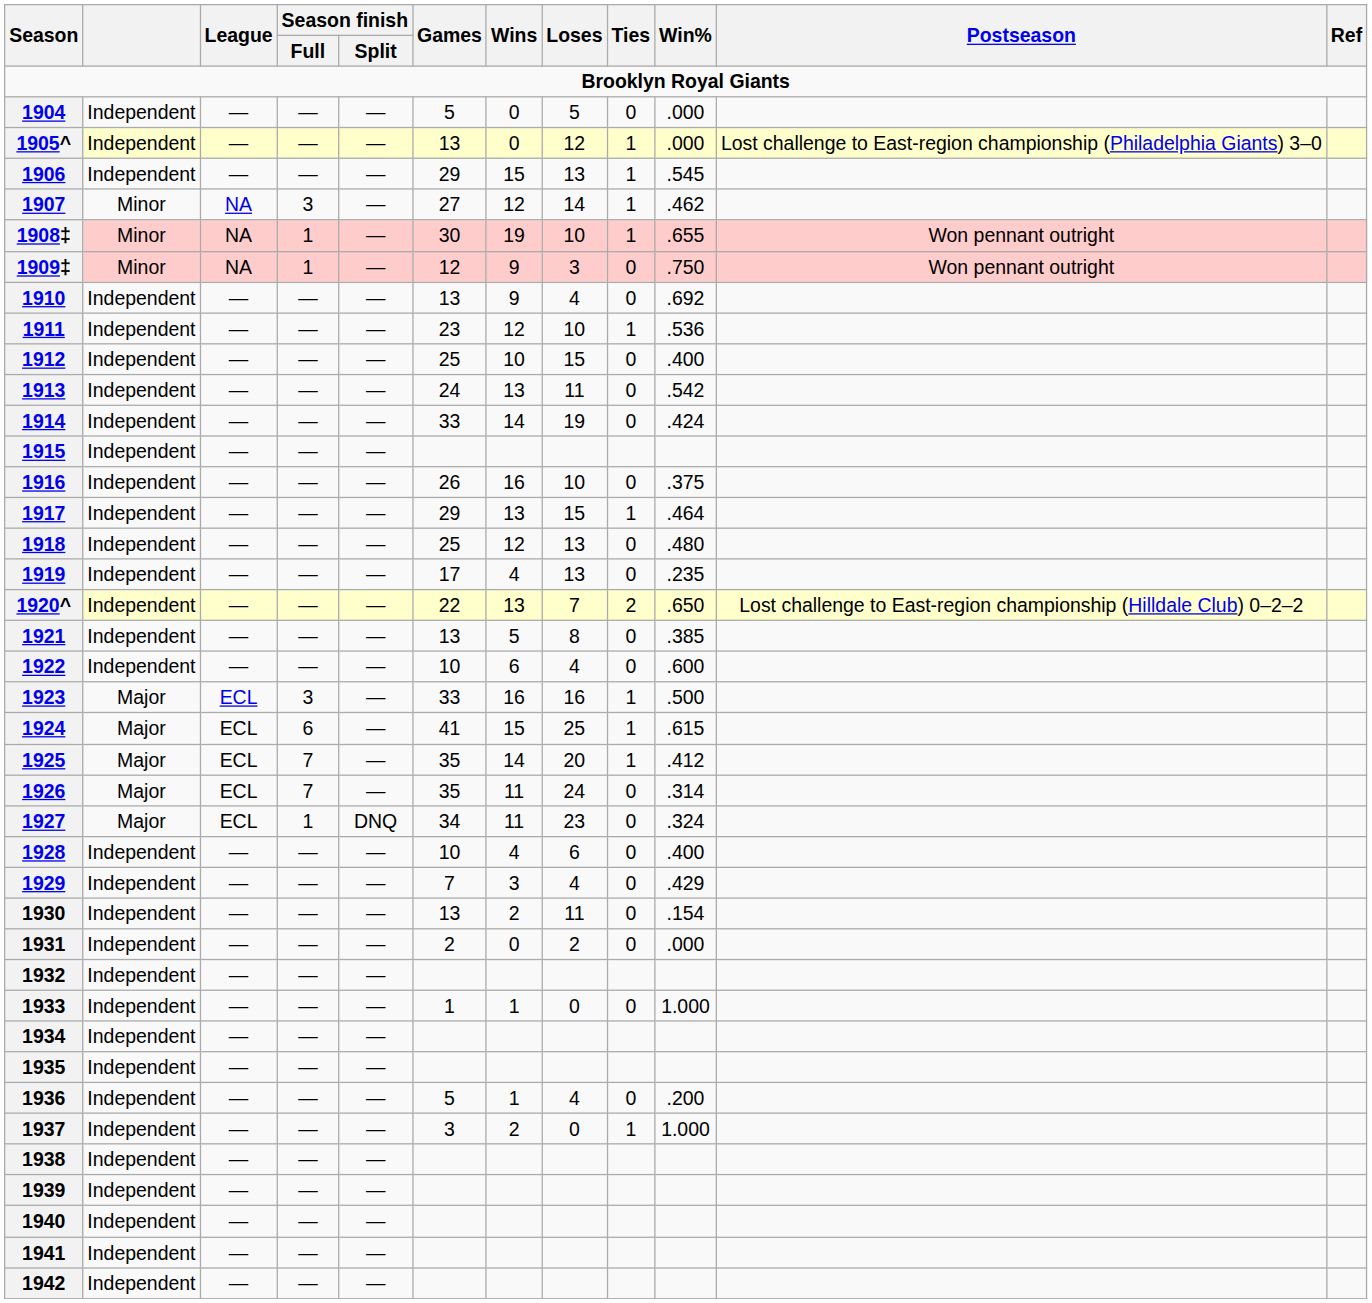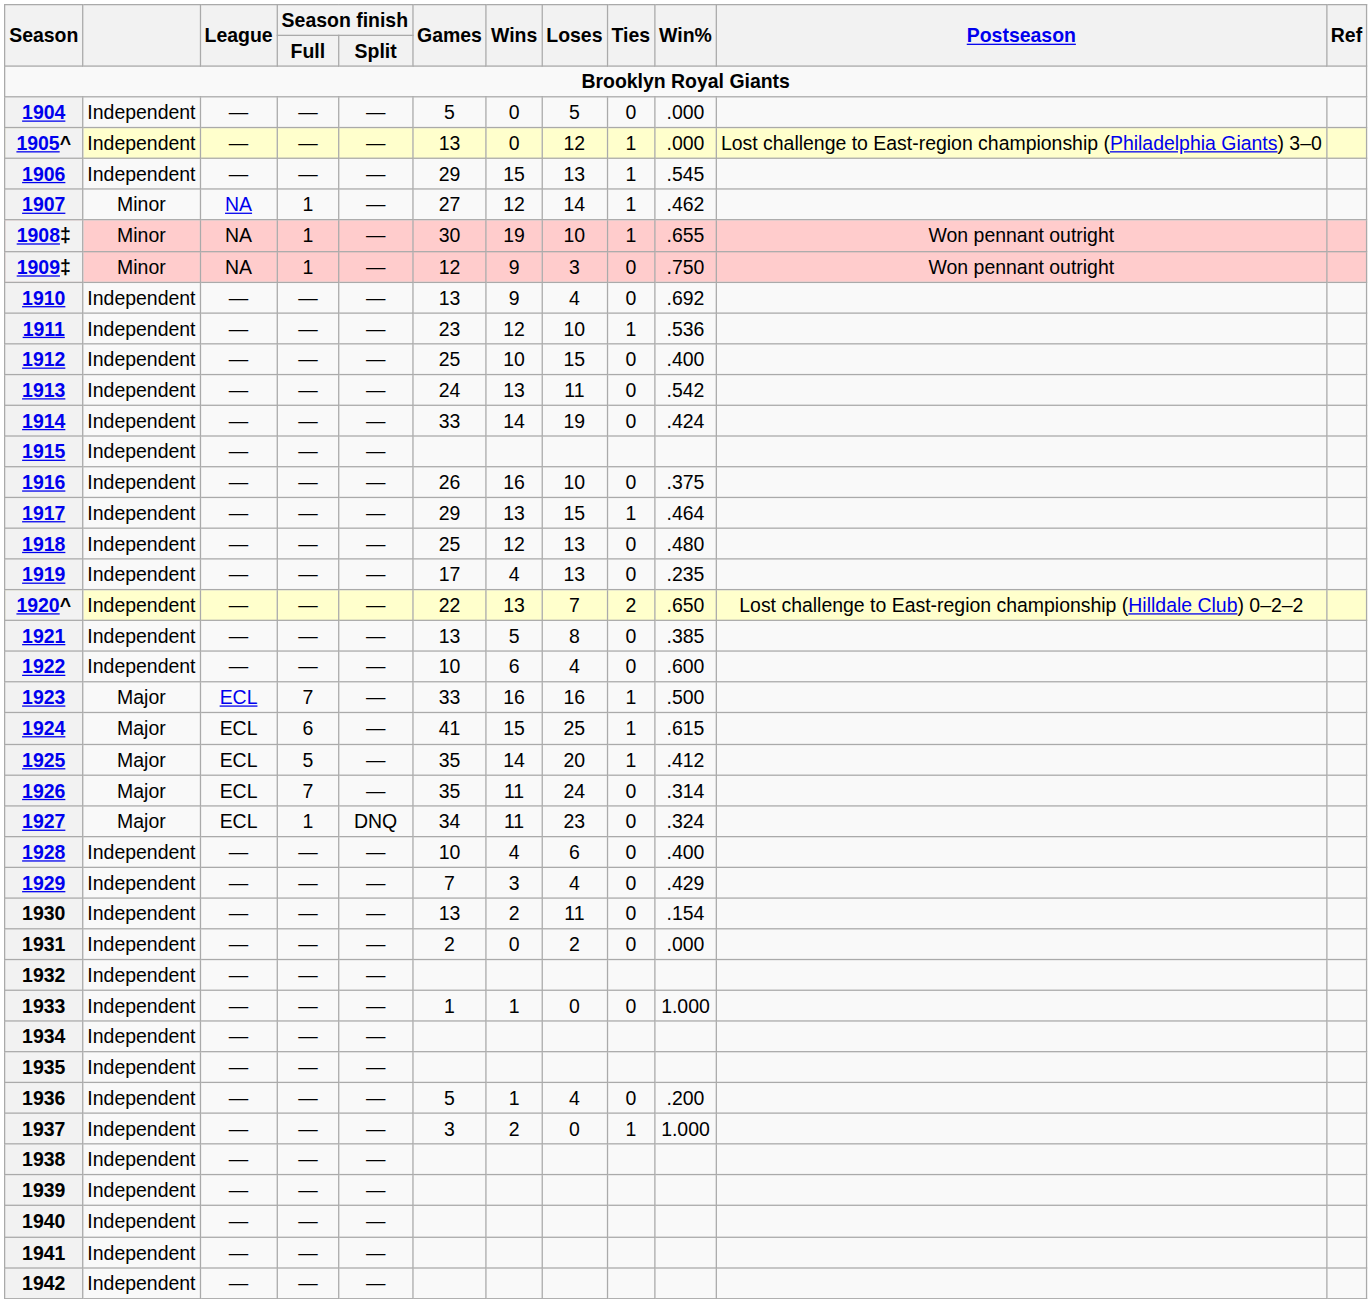 <table class="wikitable sortable" style="text-align:center; font-size:95%">
 <tr>
 <th rowspan="2">Season</th>
 <th rowspan="2"></th>
 <th rowspan="2">League</th>
 <th colspan="2">Season finish</th>
 <th rowspan="2">Games</th>
 <th rowspan="2">Wins</th>
 <th rowspan="2">Loses</th>
 <th rowspan="2">Ties</th>
 <th rowspan="2">Win%</th>
 <th rowspan="2"><a href='#'>Postseason</a></th>
 <th rowspan="2">Ref</th>
 </tr>
 <tr>
 <th>Full</th>
 <th>Split</th>
 </tr>
 <tr>
 <td align="center" colspan="12"><strong>Brooklyn Royal Giants</strong></td>
 </tr>
 <tr>
 <th><a href='#'>1904</a></th>
 <td>Independent</td>
 <td>—</td>
 <td>—</td>
 <td>—</td>
 <td>5</td>
 <td>0</td>
 <td>5</td>
 <td>0</td>
 <td>.000</td>
 <td></td>
 <td></td>
 </tr>
 <tr bgcolor="#FFFFCC">
 <th><a href='#'>1905</a>^</th>
 <td>Independent</td>
 <td>—</td>
 <td>—</td>
 <td>—</td>
 <td>13</td>
 <td>0</td>
 <td>12</td>
 <td>1</td>
 <td>.000</td>
 <td>Lost challenge to East-region championship (<a href='#'>Philadelphia Giants</a>) 3–0</td>
 <td></td>
 </tr>
 <tr>
 <th><a href='#'>1906</a></th>
 <td>Independent</td>
 <td>—</td>
 <td>—</td>
 <td>—</td>
 <td>29</td>
 <td>15</td>
 <td>13</td>
 <td>1</td>
 <td>.545</td>
 <td></td>
 <td></td>
 </tr>
 <tr>
 <th><a href='#'>1907</a></th>
 <td>Minor</td>
 <td><a href='#'>NA</a></td>
-<td>3</td>
+<td>1</td>
 <td>—</td>
 <td>27</td>
 <td>12</td>
 <td>14</td>
 <td>1</td>
 <td>.462</td>
 <td></td>
 <td></td>
 </tr>
 <tr bgcolor="#FFCCCC">
 <th><a href='#'>1908</a>‡</th>
 <td>Minor</td>
 <td>NA</td>
 <td>1</td>
 <td>—</td>
 <td>30</td>
 <td>19</td>
 <td>10</td>
 <td>1</td>
 <td>.655</td>
 <td>Won pennant outright</td>
 <td></td>
 </tr>
 <tr bgcolor="#FFCCCC">
 <th><a href='#'>1909</a>‡</th>
 <td>Minor</td>
 <td>NA</td>
 <td>1</td>
 <td>—</td>
 <td>12</td>
 <td>9</td>
 <td>3</td>
 <td>0</td>
 <td>.750</td>
 <td>Won pennant outright</td>
 <td></td>
 </tr>
 <tr>
 <th><a href='#'>1910</a></th>
 <td>Independent</td>
 <td>—</td>
 <td>—</td>
 <td>—</td>
 <td>13</td>
 <td>9</td>
 <td>4</td>
 <td>0</td>
 <td>.692</td>
 <td></td>
 <td></td>
 </tr>
 <tr>
 <th><a href='#'>1911</a></th>
 <td>Independent</td>
 <td>—</td>
 <td>—</td>
 <td>—</td>
 <td>23</td>
 <td>12</td>
 <td>10</td>
 <td>1</td>
 <td>.536</td>
 <td></td>
 <td></td>
 </tr>
 <tr>
 <th><a href='#'>1912</a></th>
 <td>Independent</td>
 <td>—</td>
 <td>—</td>
 <td>—</td>
 <td>25</td>
 <td>10</td>
 <td>15</td>
 <td>0</td>
 <td>.400</td>
 <td></td>
 <td></td>
 </tr>
 <tr>
 <th><a href='#'>1913</a></th>
 <td>Independent</td>
 <td>—</td>
 <td>—</td>
 <td>—</td>
 <td>24</td>
 <td>13</td>
 <td>11</td>
 <td>0</td>
 <td>.542</td>
 <td></td>
 <td></td>
 </tr>
 <tr>
 <th><a href='#'>1914</a></th>
 <td>Independent</td>
 <td>—</td>
 <td>—</td>
 <td>—</td>
 <td>33</td>
 <td>14</td>
 <td>19</td>
 <td>0</td>
 <td>.424</td>
 <td></td>
 <td></td>
 </tr>
 <tr>
 <th><a href='#'>1915</a></th>
 <td>Independent</td>
 <td>—</td>
 <td>—</td>
 <td>—</td>
 <td></td>
 <td></td>
 <td></td>
 <td></td>
 <td></td>
 <td></td>
 <td></td>
 </tr>
 <tr>
 <th><a href='#'>1916</a></th>
 <td>Independent</td>
 <td>—</td>
 <td>—</td>
 <td>—</td>
 <td>26</td>
 <td>16</td>
 <td>10</td>
 <td>0</td>
 <td>.375</td>
 <td></td>
 <td></td>
 </tr>
 <tr>
 <th><a href='#'>1917</a></th>
 <td>Independent</td>
 <td>—</td>
 <td>—</td>
 <td>—</td>
 <td>29</td>
 <td>13</td>
 <td>15</td>
 <td>1</td>
 <td>.464</td>
 <td></td>
 <td></td>
 </tr>
 <tr>
 <th><a href='#'>1918</a></th>
 <td>Independent</td>
 <td>—</td>
 <td>—</td>
 <td>—</td>
 <td>25</td>
 <td>12</td>
 <td>13</td>
 <td>0</td>
 <td>.480</td>
 <td></td>
 <td></td>
 </tr>
 <tr>
 <th><a href='#'>1919</a></th>
 <td>Independent</td>
 <td>—</td>
 <td>—</td>
 <td>—</td>
 <td>17</td>
 <td>4</td>
 <td>13</td>
 <td>0</td>
 <td>.235</td>
 <td></td>
 <td></td>
 </tr>
 <tr bgcolor="#FFFFCC">
 <th><a href='#'>1920</a>^</th>
 <td>Independent</td>
 <td>—</td>
 <td>—</td>
 <td>—</td>
 <td>22</td>
 <td>13</td>
 <td>7</td>
 <td>2</td>
 <td>.650</td>
 <td>Lost challenge to East-region championship (<a href='#'>Hilldale Club</a>) 0–2–2</td>
 <td></td>
 </tr>
 <tr>
 <th><a href='#'>1921</a></th>
 <td>Independent</td>
 <td>—</td>
 <td>—</td>
 <td>—</td>
 <td>13</td>
 <td>5</td>
 <td>8</td>
 <td>0</td>
 <td>.385</td>
 <td></td>
 <td></td>
 </tr>
 <tr>
 <th><a href='#'>1922</a></th>
 <td>Independent</td>
 <td>—</td>
 <td>—</td>
 <td>—</td>
 <td>10</td>
 <td>6</td>
 <td>4</td>
 <td>0</td>
 <td>.600</td>
 <td></td>
 <td></td>
 </tr>
 <tr>
 <th><a href='#'>1923</a></th>
 <td>Major</td>
 <td><a href='#'>ECL</a></td>
-<td>3</td>
+<td>7</td>
 <td>—</td>
 <td>33</td>
 <td>16</td>
 <td>16</td>
 <td>1</td>
 <td>.500</td>
 <td></td>
 <td></td>
 </tr>
 <tr>
 <th><a href='#'>1924</a></th>
 <td>Major</td>
 <td>ECL</td>
 <td>6</td>
 <td>—</td>
 <td>41</td>
 <td>15</td>
 <td>25</td>
 <td>1</td>
 <td>.615</td>
 <td></td>
 <td></td>
 </tr>
 <tr>
 <th><a href='#'>1925</a></th>
 <td>Major</td>
 <td>ECL</td>
-<td>7</td>
+<td>5</td>
 <td>—</td>
 <td>35</td>
 <td>14</td>
 <td>20</td>
 <td>1</td>
 <td>.412</td>
 <td></td>
 <td></td>
 </tr>
 <tr>
 <th><a href='#'>1926</a></th>
 <td>Major</td>
 <td>ECL</td>
 <td>7</td>
 <td>—</td>
 <td>35</td>
 <td>11</td>
 <td>24</td>
 <td>0</td>
 <td>.314</td>
 <td></td>
 <td></td>
 </tr>
 <tr>
 <th><a href='#'>1927</a></th>
 <td>Major</td>
 <td>ECL</td>
 <td>1</td>
 <td>DNQ</td>
 <td>34</td>
 <td>11</td>
 <td>23</td>
 <td>0</td>
 <td>.324</td>
 <td></td>
 <td></td>
 </tr>
 <tr>
 <th><a href='#'>1928</a></th>
 <td>Independent</td>
 <td>—</td>
 <td>—</td>
 <td>—</td>
 <td>10</td>
 <td>4</td>
 <td>6</td>
 <td>0</td>
 <td>.400</td>
 <td></td>
 <td></td>
 </tr>
 <tr>
 <th><a href='#'>1929</a></th>
 <td>Independent</td>
 <td>—</td>
 <td>—</td>
 <td>—</td>
 <td>7</td>
 <td>3</td>
 <td>4</td>
 <td>0</td>
 <td>.429</td>
 <td></td>
 <td></td>
 </tr>
 <tr>
 <th>1930</th>
 <td>Independent</td>
 <td>—</td>
 <td>—</td>
 <td>—</td>
 <td>13</td>
 <td>2</td>
 <td>11</td>
 <td>0</td>
 <td>.154</td>
 <td></td>
 <td></td>
 </tr>
 <tr>
 <th>1931</th>
 <td>Independent</td>
 <td>—</td>
 <td>—</td>
 <td>—</td>
 <td>2</td>
 <td>0</td>
 <td>2</td>
 <td>0</td>
 <td>.000</td>
 <td></td>
 <td></td>
 </tr>
 <tr>
 <th>1932</th>
 <td>Independent</td>
 <td>—</td>
 <td>—</td>
 <td>—</td>
 <td></td>
 <td></td>
 <td></td>
 <td></td>
 <td></td>
 <td></td>
 <td></td>
 </tr>
 <tr>
 <th>1933</th>
 <td>Independent</td>
 <td>—</td>
 <td>—</td>
 <td>—</td>
 <td>1</td>
 <td>1</td>
 <td>0</td>
 <td>0</td>
 <td>1.000</td>
 <td></td>
 <td></td>
 </tr>
 <tr>
 <th>1934</th>
 <td>Independent</td>
 <td>—</td>
 <td>—</td>
 <td>—</td>
 <td></td>
 <td></td>
 <td></td>
 <td></td>
 <td></td>
 <td></td>
 <td></td>
 </tr>
 <tr>
 <th>1935</th>
 <td>Independent</td>
 <td>—</td>
 <td>—</td>
 <td>—</td>
 <td></td>
 <td></td>
 <td></td>
 <td></td>
 <td></td>
 <td></td>
 <td></td>
 </tr>
 <tr>
 <th>1936</th>
 <td>Independent</td>
 <td>—</td>
 <td>—</td>
 <td>—</td>
 <td>5</td>
 <td>1</td>
 <td>4</td>
 <td>0</td>
 <td>.200</td>
 <td></td>
 <td></td>
 </tr>
 <tr>
 <th>1937</th>
 <td>Independent</td>
 <td>—</td>
 <td>—</td>
 <td>—</td>
 <td>3</td>
 <td>2</td>
 <td>0</td>
 <td>1</td>
 <td>1.000</td>
 <td></td>
 <td></td>
 </tr>
 <tr>
 <th>1938</th>
 <td>Independent</td>
 <td>—</td>
 <td>—</td>
 <td>—</td>
 <td></td>
 <td></td>
 <td></td>
 <td></td>
 <td></td>
 <td></td>
 <td></td>
 </tr>
 <tr>
 <th>1939</th>
 <td>Independent</td>
 <td>—</td>
 <td>—</td>
 <td>—</td>
 <td></td>
 <td></td>
 <td></td>
 <td></td>
 <td></td>
 <td></td>
 <td></td>
 </tr>
 <tr>
 <th>1940</th>
 <td>Independent</td>
 <td>—</td>
 <td>—</td>
 <td>—</td>
 <td></td>
 <td></td>
 <td></td>
 <td></td>
 <td></td>
 <td></td>
 <td></td>
 </tr>
 <tr>
 <th>1941</th>
 <td>Independent</td>
 <td>—</td>
 <td>—</td>
 <td>—</td>
 <td></td>
 <td></td>
 <td></td>
 <td></td>
 <td></td>
 <td></td>
 <td></td>
 </tr>
 <tr>
 <th>1942</th>
 <td>Independent</td>
 <td>—</td>
 <td>—</td>
 <td>—</td>
 <td></td>
 <td></td>
 <td></td>
 <td></td>
 <td></td>
 <td></td>
 <td></td>
 </tr>
 </table>
